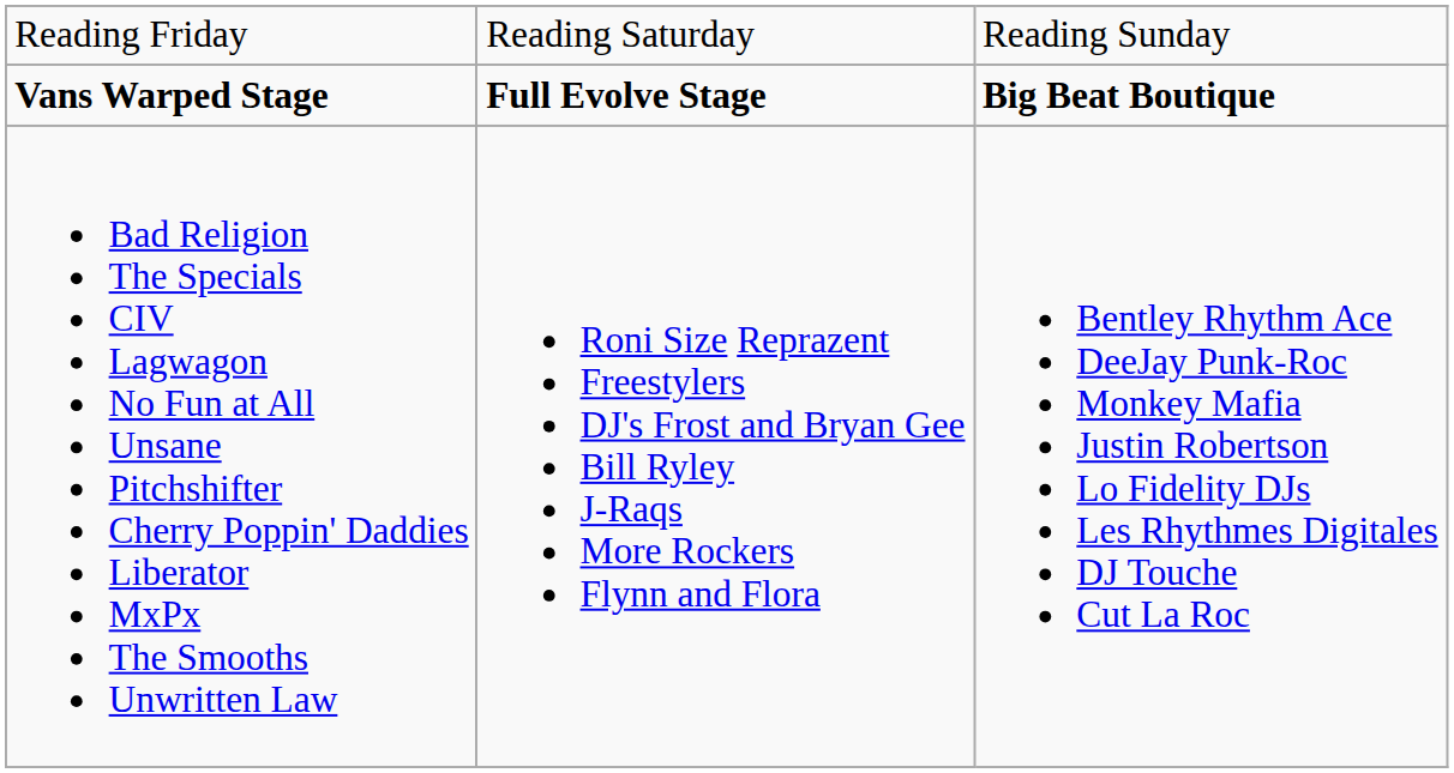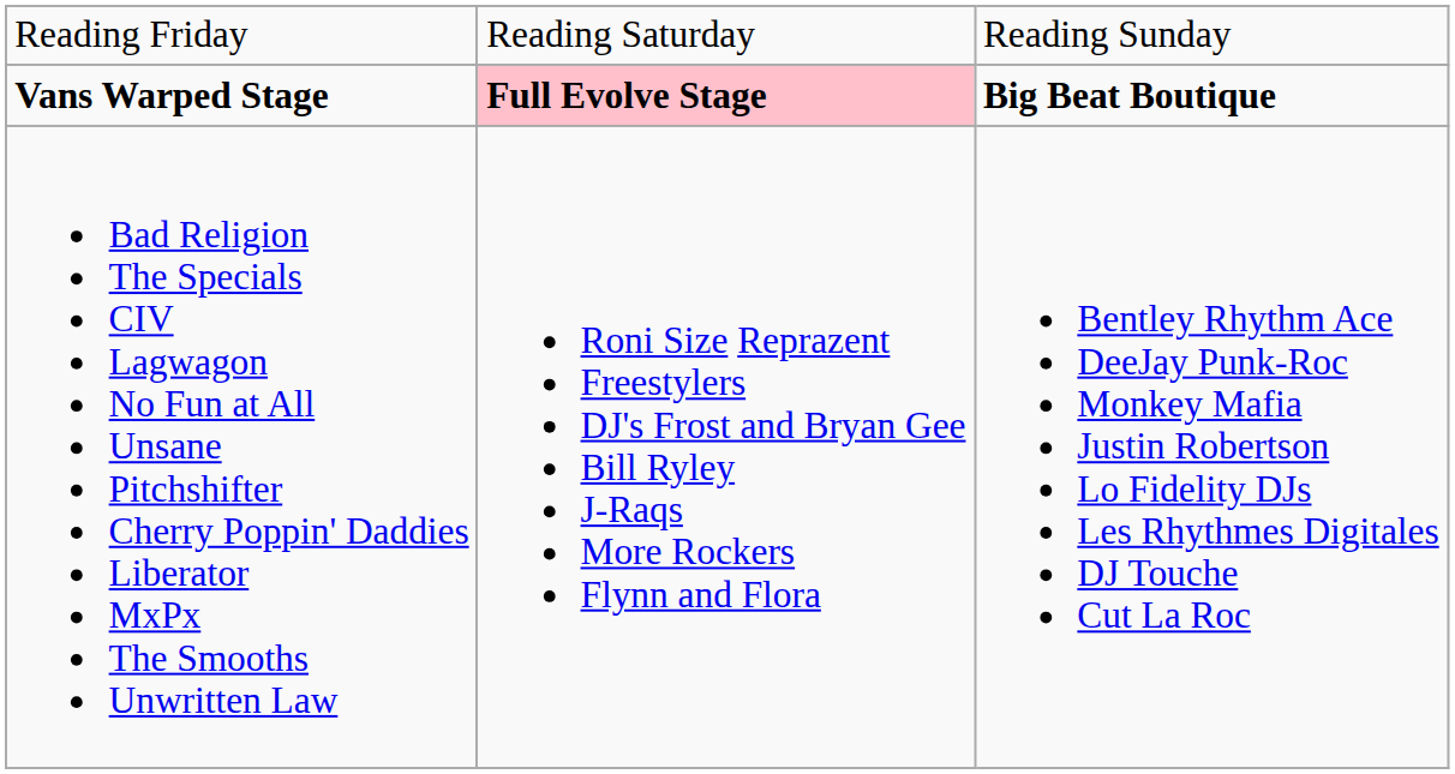 <table class="wikitable">
 <tr>
 <td>Reading Friday</td>
 <td>Reading Saturday</td>
 <td>Reading Sunday</td>
 </tr>
 <tr>
 <td><strong>Vans Warped Stage</strong></td>
-<td><strong>Full Evolve Stage</strong></td>
+<td style="background: pink;"><strong>Full Evolve Stage</strong></td>
 <td><strong>Big Beat Boutique</strong></td>
 </tr>
 <tr>
 <td><br><ul><li><a href='#'>Bad Religion</a></li><li><a href='#'>The Specials</a></li><li><a href='#'>CIV</a></li><li><a href='#'>Lagwagon</a></li><li><a href='#'>No Fun at All</a></li><li><a href='#'>Unsane</a></li><li><a href='#'>Pitchshifter</a></li><li><a href='#'>Cherry Poppin' Daddies</a></li><li><a href='#'>Liberator</a></li><li><a href='#'>MxPx</a></li><li><a href='#'>The Smooths</a></li><li><a href='#'>Unwritten Law</a></li></ul></td>
 <td><br><ul><li><a href='#'>Roni Size</a> <a href='#'>Reprazent</a></li><li><a href='#'>Freestylers</a></li><li><a href='#'>DJ's Frost and Bryan Gee</a></li><li><a href='#'>Bill Ryley</a></li><li><a href='#'>J-Raqs</a></li><li><a href='#'>More Rockers</a></li><li><a href='#'>Flynn and Flora</a></li></ul></td>
 <td><br><ul><li><a href='#'>Bentley Rhythm Ace</a></li><li><a href='#'>DeeJay Punk-Roc</a></li><li><a href='#'>Monkey Mafia</a></li><li><a href='#'>Justin Robertson</a></li><li><a href='#'>Lo Fidelity DJs</a></li><li><a href='#'>Les Rhythmes Digitales</a></li><li><a href='#'>DJ Touche</a></li><li><a href='#'>Cut La Roc</a></li></ul></td>
 </tr>
 </table>
